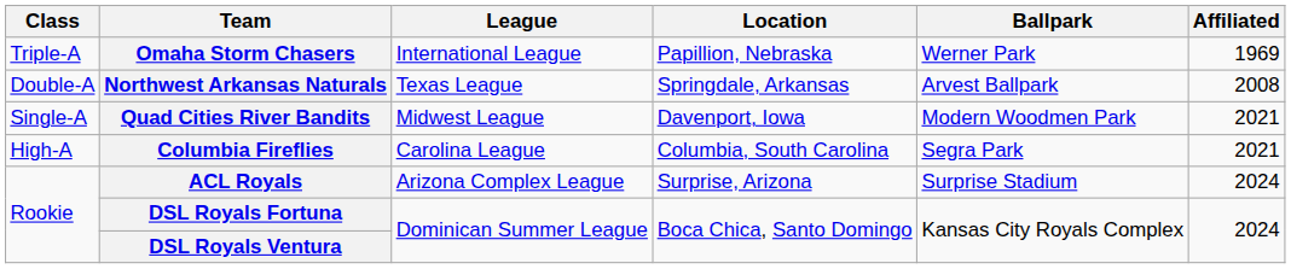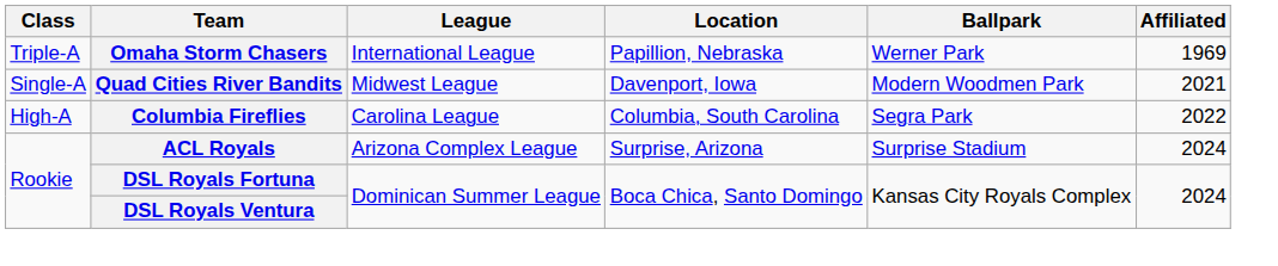 <table class="wikitable plainrowheaders sortable">
 <tr>
 <th scope="col">Class</th>
 <th scope="col">Team</th>
 <th scope="col">League</th>
 <th scope="col">Location</th>
 <th scope="col">Ballpark</th>
 <th scope="col">Affiliated</th>
 </tr>
 <tr>
 <td><a href='#'>Triple-A</a></td>
 <th scope="row"><a href='#'>Omaha Storm Chasers</a></th>
 <td><a href='#'>International League</a></td>
 <td><a href='#'>Papillion, Nebraska</a></td>
 <td><a href='#'>Werner Park</a></td>
 <td align="right">1969</td>
 </tr>
 <tr>
-<td><a href='#'>Double-A</a></td>
-<th scope="row"><a href='#'>Northwest Arkansas Naturals</a></th>
-<td><a href='#'>Texas League</a></td>
-<td><a href='#'>Springdale, Arkansas</a></td>
-<td><a href='#'>Arvest Ballpark</a></td>
-<td align="right">2008</td>
-</tr>
-<tr>
 <td><a href='#'>Single-A</a></td>
 <th scope="row"><a href='#'>Quad Cities River Bandits</a></th>
 <td><a href='#'>Midwest League</a></td>
 <td><a href='#'>Davenport, Iowa</a></td>
 <td><a href='#'>Modern Woodmen Park</a></td>
 <td align="right">2021</td>
 </tr>
 <tr>
 <td><a href='#'>High-A</a></td>
 <th scope="row"><a href='#'>Columbia Fireflies</a></th>
 <td><a href='#'>Carolina League</a></td>
 <td><a href='#'>Columbia, South Carolina</a></td>
 <td><a href='#'>Segra Park</a></td>
-<td align="right">2021</td>
+<td align="right">2022</td>
 </tr>
 <tr>
 <td rowspan=3><a href='#'>Rookie</a></td>
 <th scope="row"><a href='#'>ACL Royals</a></th>
 <td><a href='#'>Arizona Complex League</a></td>
 <td><a href='#'>Surprise, Arizona</a></td>
 <td><a href='#'>Surprise Stadium</a></td>
 <td align="right">2024</td>
 </tr>
 <tr>
 <th scope="row"><a href='#'>DSL Royals Fortuna</a></th>
 <td rowspan=2><a href='#'>Dominican Summer League</a></td>
 <td rowspan=2><a href='#'>Boca Chica</a>, <a href='#'>Santo Domingo</a></td>
 <td rowspan=2>Kansas City Royals Complex</td>
 <td rowspan=2 align="right">2024</td>
 </tr>
 <tr>
 <th scope="row"><a href='#'>DSL Royals Ventura</a></th>
 </tr>
 </table>
